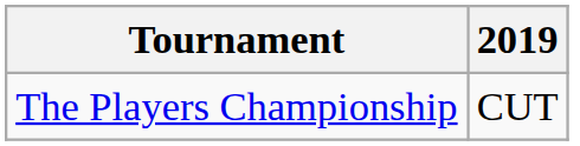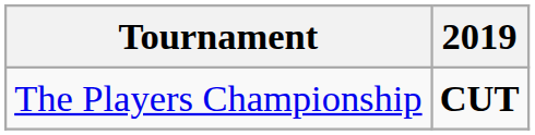 <table class="wikitable" style="font-size:95%;text-align:center;">
 <tr>
 <th>Tournament</th>
 <th>2019</th>
 </tr>
 <tr>
 <td align=left><a href='#'>The Players Championship</a></td>
-<td>CUT</td>
+<td><strong>CUT</strong></td>
 </tr>
 </table>
